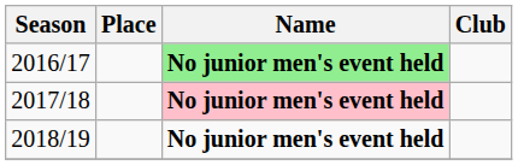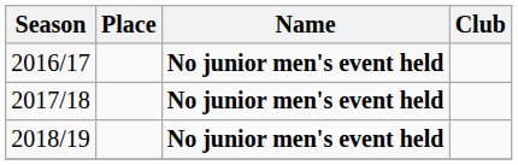 <table class="wikitable sortable">
 <tr>
 <th>Season</th>
 <th>Place</th>
 <th>Name</th>
 <th>Club</th>
 </tr>
 <tr>
 <td>2016/17</td>
 <td></td>
-<td style="background: lightgreen;"><strong>No junior men's event held</strong></td>
+<td><strong>No junior men's event held</strong></td>
 <td></td>
 </tr>
 <tr>
 <td>2017/18</td>
 <td></td>
-<td style="background: pink;"><strong>No junior men's event held</strong></td>
+<td><strong>No junior men's event held</strong></td>
 <td></td>
 </tr>
 <tr>
 <td>2018/19</td>
 <td></td>
 <td><strong>No junior men's event held</strong></td>
 <td></td>
 </tr>
 <tr>
 </tr>
 </table>
